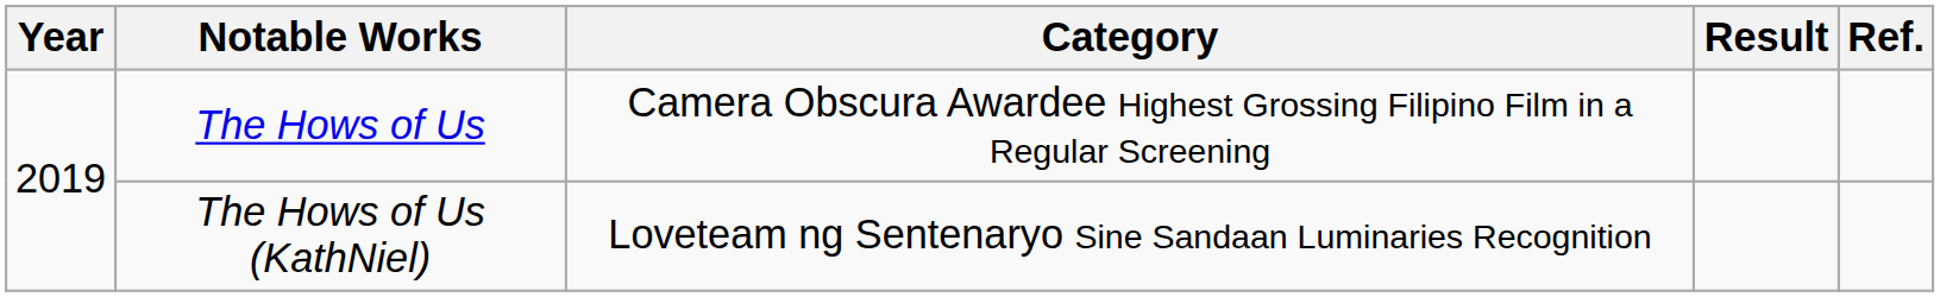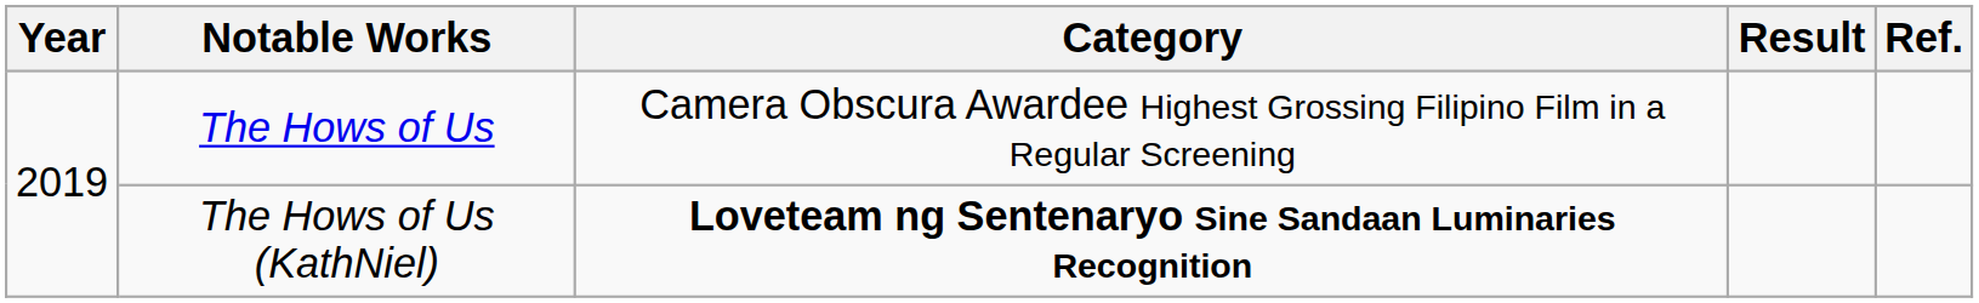 <table class="wikitable sortable"  style="text-align:center; width:60%;">
 <tr>
 <th>Year</th>
 <th>Notable Works</th>
 <th>Category</th>
 <th>Result</th>
 <th>Ref.</th>
 </tr>
 <tr>
 <td rowspan=2>2019</td>
 <td><em><a href='#'>The Hows of Us</a></em></td>
 <td>Camera Obscura Awardee <small> Highest Grossing Filipino Film in a Regular Screening </small></td>
 <td></td>
 <td></td>
 </tr>
 <tr>
 <td><em>The Hows of Us (KathNiel)</em></td>
-<td>Loveteam ng Sentenaryo <small> Sine Sandaan Luminaries Recognition </small></td>
+<td><strong>Loveteam ng Sentenaryo <small> Sine Sandaan Luminaries Recognition </small></strong></td>
 <td></td>
 <td></td>
 </tr>
 </table>
